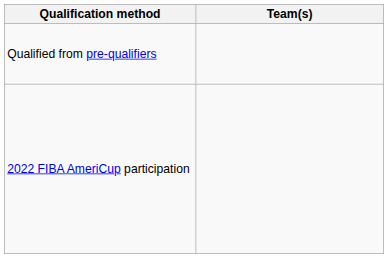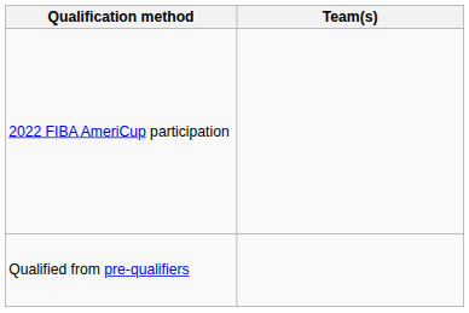 <table class="wikitable" style="width: 500px;">
 <tr>
 <th style="width: 20%;">Qualification method</th>
 <th style="width: 20%;">Team(s)</th>
 </tr>
 <tr>
+<td><a href='#'>2022 FIBA AmeriCup</a> participation</td>
+<td><br><br> <br> <br> <br> <br> <br> <br> <br> <br> <br> <br> </td>
+</tr>
+<tr>
 <td>Qualified from <a href='#'>pre-qualifiers</a></td>
 <td><br><br> <br> <br> </td>
 </tr>
-<tr>
-<td><a href='#'>2022 FIBA AmeriCup</a> participation</td>
-<td><br><br> <br> <br> <br> <br> <br> <br> <br> <br> <br> <br> </td>
-</tr>
 </table>
